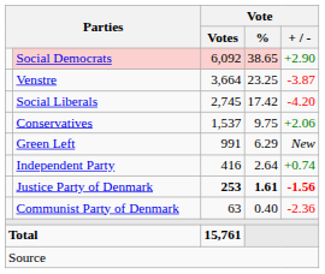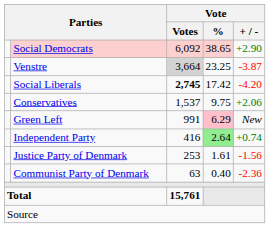 <table class="wikitable" style="text-align:right;">
 <tr>
 <th style="text-align:centre;" rowspan="2" colspan="2" width="225">Parties</th>
 <th colspan="3">Vote</th>
 </tr>
 <tr>
 <th width="15">Votes</th>
 <th width="15">%</th>
 <th width="15">+ / -</th>
 </tr>
 <tr>
 <td width="2" style="color:inherit;background:"></td>
 <td bgcolor=#fbd0ce  align="left"><a href='#'>Social Democrats</a></td>
 <td bgcolor=#fbd0ce>6,092</td>
 <td bgcolor=#fbd0ce>38.65</td>
 <td style=color:green;>+2.90</td>
 </tr>
 <tr>
 <td width="2" style="color:inherit;background:"></td>
 <td align="left"><a href='#'>Venstre</a></td>
-<td>3,664</td>
+<td style="background: lightgrey;">3,664</td>
 <td>23.25</td>
 <td style=color:red;>-3.87</td>
 </tr>
 <tr>
 <td width="2" style="color:inherit;background:"></td>
 <td align="left"><a href='#'>Social Liberals</a></td>
-<td>2,745</td>
+<td><strong>2,745</strong></td>
 <td>17.42</td>
 <td style=color:red;>-4.20</td>
 </tr>
 <tr>
 <td width="2" style="color:inherit;background:"></td>
 <td align="left"><a href='#'>Conservatives</a></td>
 <td>1,537</td>
 <td>9.75</td>
 <td style=color:green;>+2.06</td>
 </tr>
 <tr>
 <td width="2" style="color:inherit;background:"></td>
 <td align="left"><a href='#'>Green Left</a></td>
 <td>991</td>
-<td>6.29</td>
+<td style="background: pink;">6.29</td>
 <td><em>New</em></td>
 </tr>
 <tr>
 <td width="2" style="color:inherit;background:"></td>
 <td align="left"><a href='#'>Independent Party</a></td>
 <td>416</td>
-<td>2.64</td>
+<td style="background: lightgreen;">2.64</td>
 <td style=color:green;>+0.74</td>
 </tr>
 <tr>
 <td width="2" style="color:inherit;background:"></td>
 <td align="left"><a href='#'>Justice Party of Denmark</a></td>
-<td><strong>253</strong></td>
-<td><strong>1.61</strong></td>
-<td style=color:red;><strong>-1.56</strong></td>
+<td>253</td>
+<td>1.61</td>
+<td style=color:red;>-1.56</td>
 </tr>
 <tr>
 <td width="2" style="color:inherit;background:"></td>
 <td align="left"><a href='#'>Communist Party of Denmark</a></td>
 <td>63</td>
 <td>0.40</td>
 <td style=color:red;>-2.36</td>
 </tr>
 <tr>
 <td colspan="7" bgcolor="#E9E9E9"></td>
 </tr>
 <tr>
 <td align="left" colspan="2"><strong>Total</strong></td>
 <td><strong>15,761</strong></td>
 <td bgcolor="#E9E9E9" colspan="2"></td>
 </tr>
 <tr>
 <td align="left" colspan="6">Source</td>
 </tr>
 </table>
